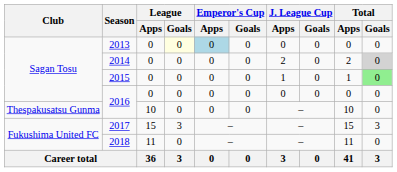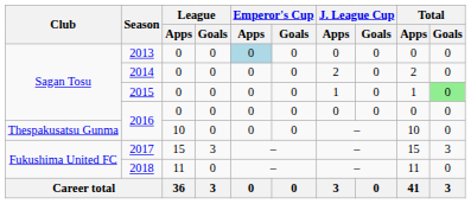 <table class="wikitable" style="text-align: center;">
 <tr>
 <th rowspan="2">Club</th>
 <th rowspan="2">Season</th>
 <th colspan="2">League</th>
 <th colspan="2"><a href='#'>Emperor's Cup</a></th>
 <th colspan="2"><a href='#'>J. League Cup</a></th>
 <th colspan="2">Total</th>
 </tr>
 <tr>
 <th>Apps</th>
 <th>Goals</th>
 <th>Apps</th>
 <th>Goals</th>
 <th>Apps</th>
 <th>Goals</th>
 <th>Apps</th>
 <th>Goals</th>
 </tr>
 <tr>
 <td rowspan="4"><a href='#'>Sagan Tosu</a></td>
 <td><a href='#'>2013</a></td>
 <td>0</td>
-<td style="background: lightyellow;">0</td>
+<td>0</td>
 <td style="background: lightblue;">0</td>
 <td>0</td>
 <td>0</td>
 <td>0</td>
 <td>0</td>
 <td>0</td>
 </tr>
 <tr>
 <td><a href='#'>2014</a></td>
 <td>0</td>
 <td>0</td>
 <td>0</td>
 <td>0</td>
 <td>2</td>
 <td>0</td>
 <td>2</td>
-<td style="background: lightgrey;">0</td>
+<td>0</td>
 </tr>
 <tr>
 <td><a href='#'>2015</a></td>
 <td>0</td>
 <td>0</td>
 <td>0</td>
 <td>0</td>
 <td>1</td>
 <td>0</td>
 <td>1</td>
 <td style="background: lightgreen;">0</td>
 </tr>
 <tr>
 <td rowspan="2"><a href='#'>2016</a></td>
 <td>0</td>
 <td>0</td>
 <td>0</td>
 <td>0</td>
 <td>0</td>
 <td>0</td>
 <td>0</td>
 <td>0</td>
 </tr>
 <tr>
 <td><a href='#'>Thespakusatsu Gunma</a></td>
 <td>10</td>
 <td>0</td>
 <td>0</td>
 <td>0</td>
 <td colspan="2">–</td>
 <td>10</td>
 <td>0</td>
 </tr>
 <tr>
 <td rowspan="2"><a href='#'>Fukushima United FC</a></td>
 <td><a href='#'>2017</a></td>
 <td>15</td>
 <td>3</td>
 <td colspan="2">–</td>
 <td colspan="2">–</td>
 <td>15</td>
 <td>3</td>
 </tr>
 <tr>
 <td><a href='#'>2018</a></td>
 <td>11</td>
 <td>0</td>
 <td colspan="2">–</td>
 <td colspan="2">–</td>
 <td>11</td>
 <td>0</td>
 </tr>
 <tr>
 <th colspan="2">Career total</th>
 <th>36</th>
 <th>3</th>
 <th>0</th>
 <th>0</th>
 <th>3</th>
 <th>0</th>
 <th>41</th>
 <th>3</th>
 </tr>
 </table>
